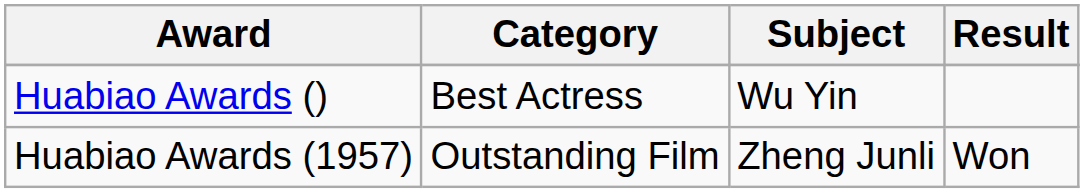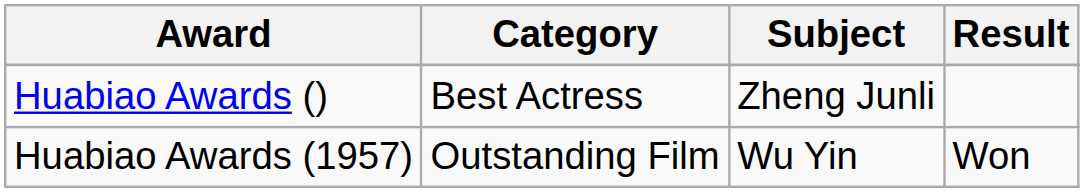 <table class="wikitable">
 <tr>
 <th>Award</th>
 <th>Category</th>
 <th>Subject</th>
 <th>Result</th>
 </tr>
 <tr>
 </tr>
 <tr>
 <td><a href='#'>Huabiao Awards</a> ()</td>
 <td>Best Actress</td>
-<td>Wu Yin</td>
+<td>Zheng Junli</td>
 <td></td>
 </tr>
 <tr>
 <td>Huabiao Awards (1957)</td>
 <td>Outstanding Film</td>
-<td>Zheng Junli</td>
+<td>Wu Yin</td>
 <td>Won </td>
 </tr>
 </table>
